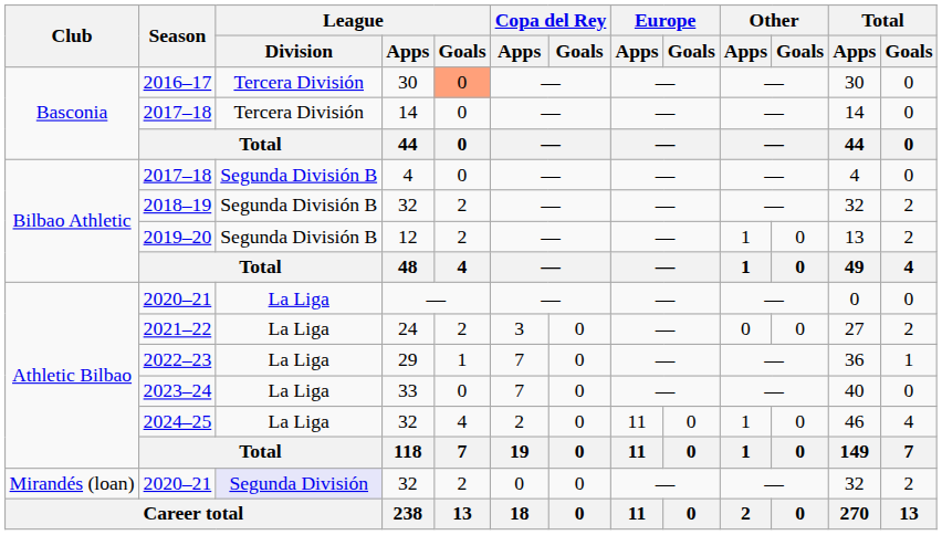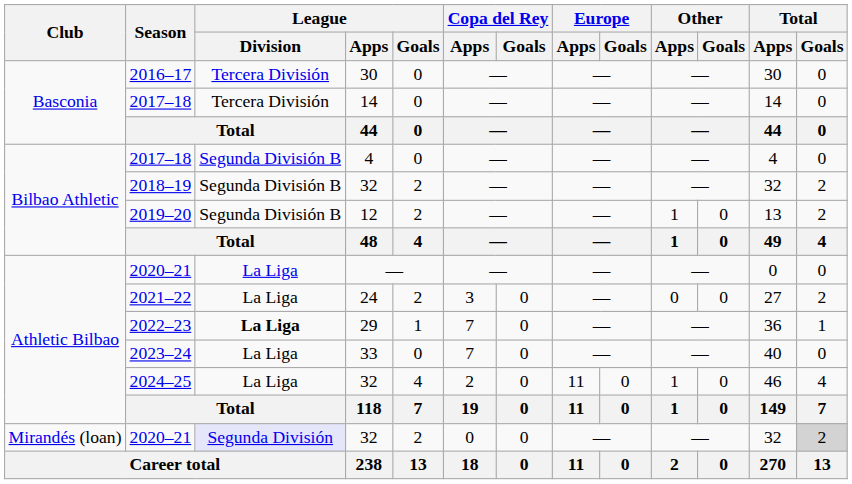 <table class="wikitable" style="text-align:center">
 <tr>
 <th rowspan="2">Club</th>
 <th rowspan="2">Season</th>
 <th colspan="3">League</th>
 <th colspan="2"><a href='#'>Copa del Rey</a></th>
 <th colspan="2"><a href='#'>Europe</a></th>
 <th colspan="2">Other</th>
 <th colspan="2">Total</th>
 </tr>
 <tr>
 <th>Division</th>
 <th>Apps</th>
 <th>Goals</th>
 <th>Apps</th>
 <th>Goals</th>
 <th>Apps</th>
 <th>Goals</th>
 <th>Apps</th>
 <th>Goals</th>
 <th>Apps</th>
 <th>Goals</th>
 </tr>
 <tr>
 <td rowspan="3"><a href='#'>Basconia</a></td>
 <td><a href='#'>2016–17</a></td>
 <td><a href='#'>Tercera División</a></td>
 <td>30</td>
-<td style="background: lightsalmon;">0</td>
+<td>0</td>
 <td colspan="2">—</td>
 <td colspan="2">—</td>
 <td colspan="2">—</td>
 <td>30</td>
 <td>0</td>
 </tr>
 <tr>
 <td><a href='#'>2017–18</a></td>
 <td>Tercera División</td>
 <td>14</td>
 <td>0</td>
 <td colspan="2">—</td>
 <td colspan="2">—</td>
 <td colspan="2">—</td>
 <td>14</td>
 <td>0</td>
 </tr>
 <tr>
 <th colspan="2">Total</th>
 <th>44</th>
 <th>0</th>
 <th colspan="2">—</th>
 <th colspan="2">—</th>
 <th colspan="2">—</th>
 <th>44</th>
 <th>0</th>
 </tr>
 <tr>
 <td rowspan="4"><a href='#'>Bilbao Athletic</a></td>
 <td><a href='#'>2017–18</a></td>
 <td><a href='#'>Segunda División B</a></td>
 <td>4</td>
 <td>0</td>
 <td colspan="2">—</td>
 <td colspan="2">—</td>
 <td colspan="2">—</td>
 <td>4</td>
 <td>0</td>
 </tr>
 <tr>
 <td><a href='#'>2018–19</a></td>
 <td>Segunda División B</td>
 <td>32</td>
 <td>2</td>
 <td colspan="2">—</td>
 <td colspan="2">—</td>
 <td colspan="2">—</td>
 <td>32</td>
 <td>2</td>
 </tr>
 <tr>
 <td><a href='#'>2019–20</a></td>
 <td>Segunda División B</td>
 <td>12</td>
 <td>2</td>
 <td colspan="2">—</td>
 <td colspan="2">—</td>
 <td>1</td>
 <td>0</td>
 <td>13</td>
 <td>2</td>
 </tr>
 <tr>
 <th colspan="2">Total</th>
 <th>48</th>
 <th>4</th>
 <th colspan="2">—</th>
 <th colspan="2">—</th>
 <th>1</th>
 <th>0</th>
 <th>49</th>
 <th>4</th>
 </tr>
 <tr>
 <td rowspan="6"><a href='#'>Athletic Bilbao</a></td>
 <td><a href='#'>2020–21</a></td>
 <td><a href='#'>La Liga</a></td>
 <td colspan="2">—</td>
 <td colspan="2">—</td>
 <td colspan="2">—</td>
 <td colspan="2">—</td>
 <td>0</td>
 <td>0</td>
 </tr>
 <tr>
 <td><a href='#'>2021–22</a></td>
 <td>La Liga</td>
 <td>24</td>
 <td>2</td>
 <td>3</td>
 <td>0</td>
 <td colspan="2">—</td>
 <td>0</td>
 <td>0</td>
 <td>27</td>
 <td>2</td>
 </tr>
 <tr>
 <td><a href='#'>2022–23</a></td>
-<td>La Liga</td>
+<td><strong>La Liga</strong></td>
 <td>29</td>
 <td>1</td>
 <td>7</td>
 <td>0</td>
 <td colspan="2">—</td>
 <td colspan="2">—</td>
 <td>36</td>
 <td>1</td>
 </tr>
 <tr>
 <td><a href='#'>2023–24</a></td>
 <td>La Liga</td>
 <td>33</td>
 <td>0</td>
 <td>7</td>
 <td>0</td>
 <td colspan="2">—</td>
 <td colspan="2">—</td>
 <td>40</td>
 <td>0</td>
 </tr>
 <tr>
 <td><a href='#'>2024–25</a></td>
 <td>La Liga</td>
 <td>32</td>
 <td>4</td>
 <td>2</td>
 <td>0</td>
 <td>11</td>
 <td>0</td>
 <td>1</td>
 <td>0</td>
 <td>46</td>
 <td>4</td>
 </tr>
 <tr>
 <th colspan="2">Total</th>
 <th>118</th>
 <th>7</th>
 <th>19</th>
 <th>0</th>
 <th>11</th>
 <th>0</th>
 <th>1</th>
 <th>0</th>
 <th>149</th>
 <th>7</th>
 </tr>
 <tr>
 <td><a href='#'>Mirandés</a> (loan)</td>
 <td><a href='#'>2020–21</a></td>
 <td style="background: lavender;"><a href='#'>Segunda División</a></td>
 <td>32</td>
 <td>2</td>
 <td>0</td>
 <td>0</td>
 <td colspan="2">—</td>
 <td colspan="2">—</td>
 <td>32</td>
-<td>2</td>
+<td style="background: lightgrey;">2</td>
 </tr>
 <tr>
 <th colspan="3">Career total</th>
 <th>238</th>
 <th>13</th>
 <th>18</th>
 <th>0</th>
 <th>11</th>
 <th>0</th>
 <th>2</th>
 <th>0</th>
 <th>270</th>
 <th>13</th>
 </tr>
 </table>
